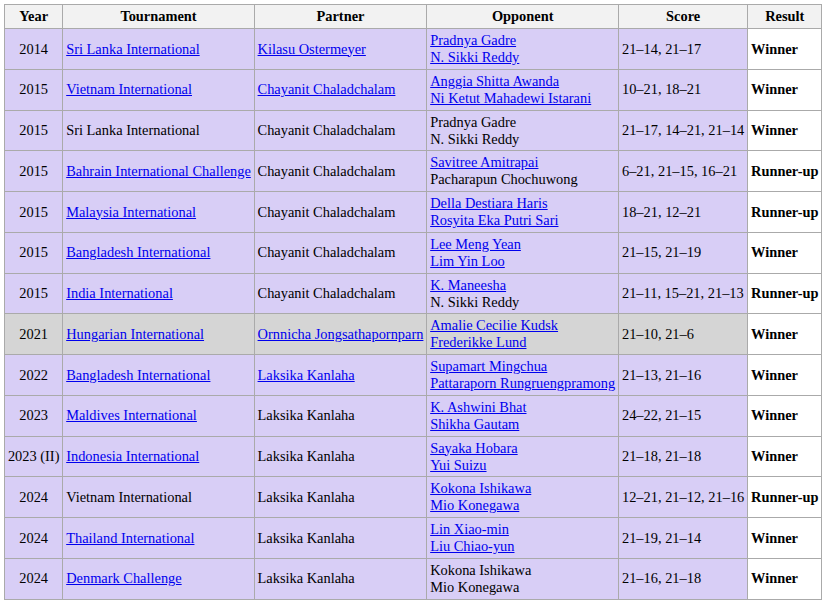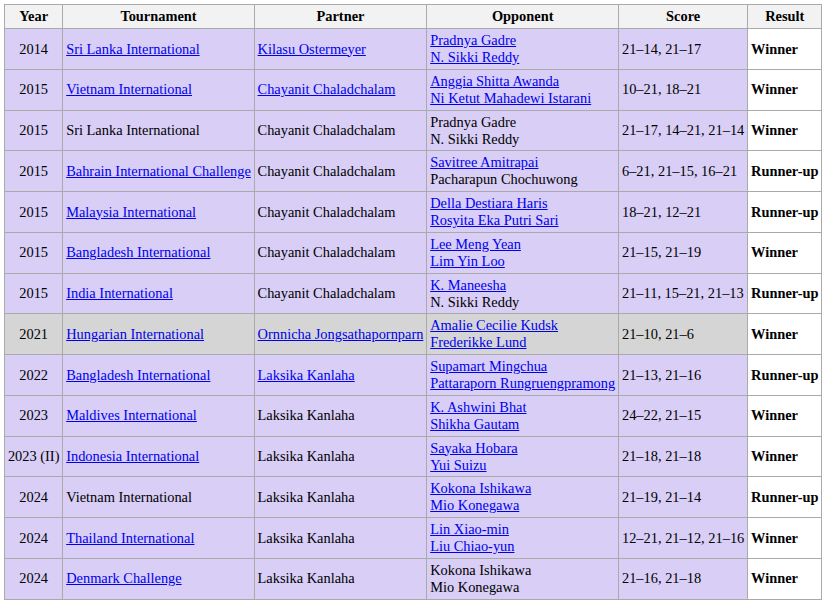 <table class="sortable wikitable" style="font-size: 90%;">
 <tr>
 <th>Year</th>
 <th>Tournament</th>
 <th>Partner</th>
 <th>Opponent</th>
 <th>Score</th>
 <th>Result</th>
 </tr>
 <tr style="background:#D8CEF6">
 <td align="center">2014</td>
 <td align="left"><a href='#'>Sri Lanka International</a></td>
 <td align="left"> <a href='#'>Kilasu Ostermeyer</a></td>
 <td align="left"> <a href='#'>Pradnya Gadre</a><br> <a href='#'>N. Sikki Reddy</a></td>
 <td align="left">21–14, 21–17</td>
 <td style="text-align:left; background:white"> <strong>Winner</strong></td>
 </tr>
 <tr style="background:#D8CEF6">
 <td align="center">2015</td>
 <td align="left"><a href='#'>Vietnam International</a></td>
 <td align="left"> <a href='#'>Chayanit Chaladchalam</a></td>
 <td align="left"> <a href='#'>Anggia Shitta Awanda</a><br> <a href='#'>Ni Ketut Mahadewi Istarani</a></td>
 <td align="left">10–21, 18–21</td>
 <td style="text-align:left; background:white"> <strong>Winner</strong></td>
 </tr>
 <tr style="background:#D8CEF6">
 <td align="center">2015</td>
 <td align="left">Sri Lanka International</td>
 <td align="left"> Chayanit Chaladchalam</td>
 <td align="left"> Pradnya Gadre<br> N. Sikki Reddy</td>
 <td align="left">21–17, 14–21, 21–14</td>
 <td style="text-align:left; background:white"> <strong>Winner</strong></td>
 </tr>
 <tr style="background:#D8CEF6">
 <td align="center">2015</td>
 <td align="left"><a href='#'>Bahrain International Challenge</a></td>
 <td align="left"> Chayanit Chaladchalam</td>
 <td align="left"> <a href='#'>Savitree Amitrapai</a><br> Pacharapun Chochuwong</td>
 <td align="left">6–21, 21–15, 16–21</td>
 <td style="text-align:left; background:white"> <strong>Runner-up</strong></td>
 </tr>
 <tr style="background:#D8CEF6">
 <td align="center">2015</td>
 <td align="left"><a href='#'>Malaysia International</a></td>
 <td align="left"> Chayanit Chaladchalam</td>
 <td align="left"> <a href='#'>Della Destiara Haris</a><br> <a href='#'>Rosyita Eka Putri Sari</a></td>
 <td align="left">18–21, 12–21</td>
 <td style="text-align:left; background:white"> <strong>Runner-up</strong></td>
 </tr>
 <tr style="background:#D8CEF6">
 <td align="center">2015</td>
 <td align="left"><a href='#'>Bangladesh International</a></td>
 <td align="left"> Chayanit Chaladchalam</td>
 <td align="left"> <a href='#'>Lee Meng Yean</a><br> <a href='#'>Lim Yin Loo</a></td>
 <td align="left">21–15, 21–19</td>
 <td style="text-align:left; background:white"> <strong>Winner</strong></td>
 </tr>
 <tr style="background:#D8CEF6">
 <td align="center">2015</td>
 <td align="left"><a href='#'>India International</a></td>
 <td align="left"> Chayanit Chaladchalam</td>
 <td align="left"> <a href='#'>K. Maneesha</a><br> N. Sikki Reddy</td>
 <td align="left">21–11, 15–21, 21–13</td>
 <td style="text-align:left; background:white"> <strong>Runner-up</strong></td>
 </tr>
 <tr style="background:#D5D5D5">
 <td align="center">2021</td>
 <td align="left"><a href='#'>Hungarian International</a></td>
 <td align="left"> <a href='#'>Ornnicha Jongsathapornparn</a></td>
 <td align="left"> <a href='#'>Amalie Cecilie Kudsk</a><br> <a href='#'>Frederikke Lund</a></td>
 <td align="left">21–10, 21–6</td>
 <td style="text-align:left; background:white"> <strong>Winner</strong></td>
 </tr>
 <tr style="background:#D8CEF6">
 <td align="center">2022</td>
 <td align="left"><a href='#'>Bangladesh International</a></td>
 <td align="left"> <a href='#'>Laksika Kanlaha</a></td>
 <td align="left"> <a href='#'>Supamart Mingchua</a><br> <a href='#'>Pattaraporn Rungruengpramong</a></td>
 <td align="left">21–13, 21–16</td>
-<td style="text-align:left; background:white"> <strong>Winner</strong></td>
+<td style="text-align:left; background:white"> <strong>Runner-up</strong></td>
 </tr>
 <tr style="background:#D8CEF6">
 <td align="center">2023</td>
 <td align="left"><a href='#'>Maldives International</a></td>
 <td align="left"> Laksika Kanlaha</td>
 <td align="left"> <a href='#'>K. Ashwini Bhat</a><br> <a href='#'>Shikha Gautam</a></td>
 <td align="left">24–22, 21–15</td>
 <td style="text-align:left; background:white"> <strong>Winner</strong></td>
 </tr>
 <tr style="background:#D8CEF6">
 <td align="center">2023 (II)</td>
 <td align="left"><a href='#'>Indonesia International</a></td>
 <td align="left"> Laksika Kanlaha</td>
 <td align="left"> <a href='#'>Sayaka Hobara</a><br> <a href='#'>Yui Suizu</a></td>
 <td align="left">21–18, 21–18</td>
 <td style="text-align:left; background:white"> <strong>Winner</strong></td>
 </tr>
 <tr style="background:#D8CEF6">
 <td align="center">2024</td>
 <td align="left">Vietnam International</td>
 <td align="left"> Laksika Kanlaha</td>
 <td align="left"> <a href='#'>Kokona Ishikawa</a><br> <a href='#'>Mio Konegawa</a></td>
-<td align="left">12–21, 21–12, 21–16</td>
+<td align="left">21–19, 21–14</td>
 <td style="text-align:left; background:white"> <strong>Runner-up</strong></td>
 </tr>
 <tr style="background:#D8CEF6">
 <td align="center">2024</td>
 <td align="left"><a href='#'>Thailand International</a></td>
 <td align="left"> Laksika Kanlaha</td>
 <td align="left"> <a href='#'>Lin Xiao-min</a><br> <a href='#'>Liu Chiao-yun</a></td>
-<td align="left">21–19, 21–14</td>
+<td align="left">12–21, 21–12, 21–16</td>
 <td style="text-align:left; background:white"> <strong>Winner</strong></td>
 </tr>
 <tr style="background:#D8CEF6">
 <td align="center">2024</td>
 <td align="left"><a href='#'>Denmark Challenge</a></td>
 <td align="left"> Laksika Kanlaha</td>
 <td align="left"> Kokona Ishikawa<br> Mio Konegawa</td>
 <td align="left">21–16, 21–18</td>
 <td style="text-align:left; background:white"> <strong>Winner</strong></td>
 </tr>
 </table>
